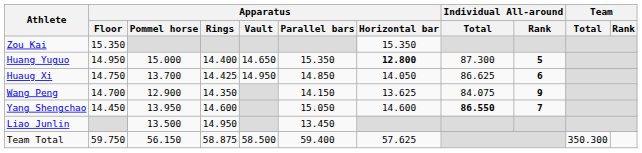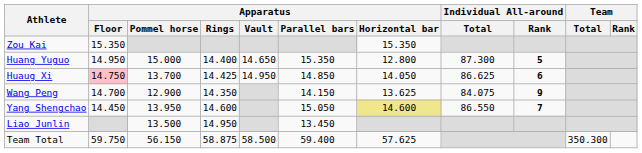 <table class="wikitable"style="text-align:left; font-size:90%">
 <tr>
 <th rowspan=2>Athlete</th>
 <th colspan=6>Apparatus</th>
 <th colspan=2>Individual All-around</th>
 <th colspan=2>Team</th>
 </tr>
 <tr>
 <th>Floor</th>
 <th>Pommel horse</th>
 <th>Rings</th>
 <th>Vault</th>
 <th>Parallel bars</th>
 <th>Horizontal bar</th>
 <th>Total</th>
 <th>Rank</th>
 <th>Total</th>
 <th>Rank</th>
 </tr>
 <tr>
 <td><a href='#'>Zou Kai</a></td>
 <td style="text-align:center;">15.350 <strong></strong></td>
 <td style="background:#dcdcdc;"></td>
 <td style="background:#dcdcdc;"></td>
 <td style="background:#dcdcdc;"></td>
 <td style="background:#dcdcdc;"></td>
 <td style="text-align:center;">15.350 <strong></strong></td>
 <td style="background:#dcdcdc;"></td>
 <td style="background:#dcdcdc;"></td>
 <td style="background:#dcdcdc;" colspan="2"></td>
 </tr>
 <tr>
 <td><a href='#'>Huang Yuguo</a></td>
 <td style="text-align:center;">14.950 <strong></strong></td>
 <td style="text-align:center;">15.000 <strong></strong></td>
 <td style="text-align:center;">14.400</td>
 <td style="text-align:center;">14.650 <strong></strong></td>
 <td style="text-align:center;">15.350 <strong></strong></td>
-<td style="text-align:center;"><strong>12.800</strong></td>
+<td style="text-align:center;">12.800</td>
 <td style="text-align:center;">87.300 <strong></strong></td>
 <td style="text-align:center;"><strong>5</strong></td>
 <td style="background:#dcdcdc;" colspan="2"></td>
 </tr>
 <tr>
 <td><a href='#'>Huaug Xi</a></td>
-<td style="text-align:center;">14.750</td>
+<td style="background: pink; text-align:center;">14.750</td>
 <td style="text-align:center;">13.700</td>
 <td style="text-align:center;">14.425</td>
 <td style="text-align:center;">14.950 <strong></strong></td>
 <td style="text-align:center;">14.850</td>
 <td style="text-align:center;">14.050</td>
 <td style="text-align:center;">86.625 <strong></strong></td>
 <td style="text-align:center;"><strong>6</strong></td>
 <td style="background:#dcdcdc;" colspan="2"></td>
 </tr>
 <tr>
 <td><a href='#'>Wang Peng</a></td>
 <td style="text-align:center;">14.700</td>
 <td style="text-align:center;">12.900</td>
 <td style="text-align:center;">14.350</td>
 <td style="background:#dcdcdc;"></td>
 <td style="text-align:center;">14.150</td>
 <td style="text-align:center;">13.625</td>
 <td style="text-align:center;">84.075</td>
 <td style="text-align:center;"><strong>9</strong></td>
 <td style="background:#dcdcdc;" colspan="2"></td>
 </tr>
 <tr>
 <td><a href='#'>Yang Shengchao</a></td>
 <td style="text-align:center;">14.450</td>
 <td style="text-align:center;">13.950</td>
 <td style="text-align:center;">14.600</td>
 <td style="background:#dcdcdc;"></td>
 <td style="text-align:center;">15.050</td>
-<td style="text-align:center;">14.600 <strong></strong></td>
-<td style="text-align:center;"><strong>86.550</strong></td>
+<td style="background: khaki; text-align:center;">14.600 <strong></strong></td>
+<td style="text-align:center;">86.550</td>
 <td style="text-align:center;"><strong>7</strong></td>
 <td style="background:#dcdcdc;" colspan="2"></td>
 </tr>
 <tr>
 <td><a href='#'>Liao Junlin</a></td>
 <td style="background:#dcdcdc;"></td>
 <td style="text-align:center;">13.500</td>
 <td style="text-align:center;">14.950 <strong></strong></td>
 <td style="background:#dcdcdc;"></td>
 <td style="text-align:center;">13.450</td>
 <td style="background:#dcdcdc;"></td>
 <td style="background:#dcdcdc;"></td>
 <td style="background:#dcdcdc;"></td>
 <td style="background:#dcdcdc;" colspan="2"></td>
 </tr>
 <tr>
 <td>Team Total</td>
 <td style="text-align:center;">59.750</td>
 <td style="text-align:center;">56.150</td>
 <td style="text-align:center;">58.875</td>
 <td style="text-align:center;">58.500</td>
 <td style="text-align:center;">59.400</td>
 <td style="text-align:center;">57.625</td>
 <td style="background:#dcdcdc;" colspan="2"></td>
 <td style="text-align:center;">350.300</td>
 <td style="text-align:center;"></td>
 </tr>
 </table>
